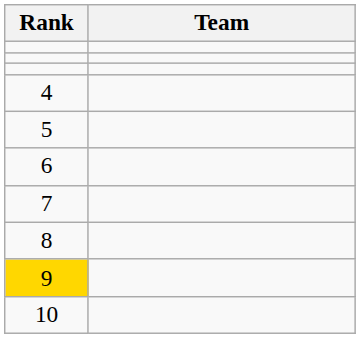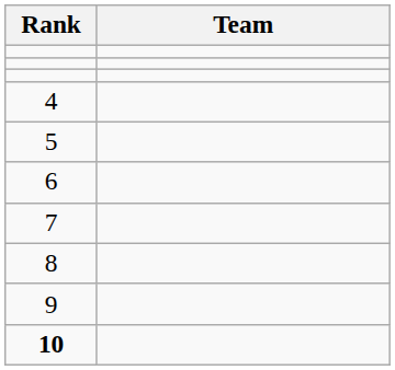 <table class="wikitable" style="text-align: center">
 <tr>
 <th width=50>Rank</th>
 <th width=175>Team</th>
 </tr>
 <tr bgcolor=>
 <td></td>
 <td align=left></td>
 </tr>
 <tr bgcolor=>
 <td></td>
 <td align=left></td>
 </tr>
 <tr bgcolor=>
 <td></td>
 <td align=left></td>
 </tr>
 <tr bgcolor=>
 <td>4</td>
 <td align=left></td>
 </tr>
 <tr bgcolor=>
 <td>5</td>
 <td align=left></td>
 </tr>
 <tr bgcolor=>
 <td>6</td>
 <td align=left></td>
 </tr>
 <tr bgcolor=>
 <td>7</td>
 <td align=left></td>
 </tr>
 <tr bgcolor=>
 <td>8</td>
 <td align=left></td>
 </tr>
 <tr>
-<td style="background: gold;">9</td>
+<td>9</td>
 <td align=left></td>
 </tr>
 <tr bgcolor=>
-<td>10</td>
+<td><strong>10</strong></td>
 <td align=left></td>
 </tr>
 </table>
